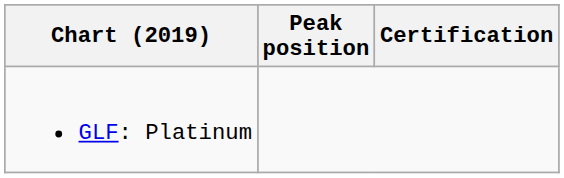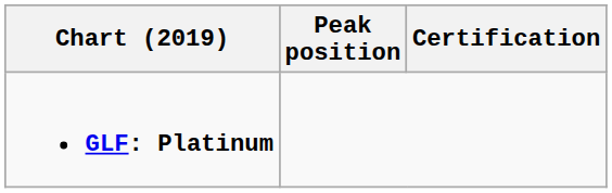 <table class="wikitable plainrowheaders" style="text-align:center">
 <tr>
 <th scope="col">Chart (2019)</th>
 <th scope="col">Peak<br>position</th>
 <th scope="col">Certification</th>
 </tr>
 <tr>
-<td><br><ul><li><a href='#'>GLF</a>: Platinum</li></ul></td>
+<td><strong><br><ul><li><a href='#'>GLF</a>: Platinum</li></ul></strong></td>
 </tr>
 </table>
